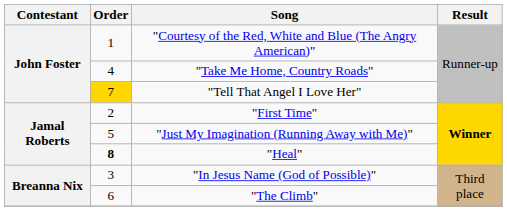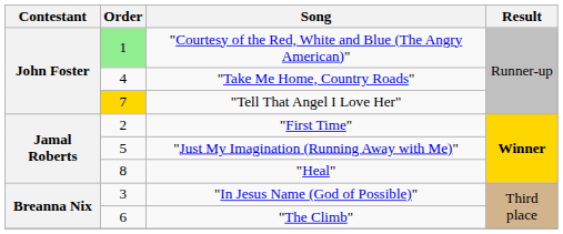 <table class="wikitable unsortable" style="text-align:center;">
 <tr>
 <th scope="col">Contestant</th>
 <th scope="col">Order</th>
 <th scope="col">Song</th>
 <th scope="col">Result</th>
 </tr>
 <tr>
 <th scope="row" rowspan="3">John Foster</th>
-<td>1</td>
+<td style="background: lightgreen;">1</td>
 <td>"<a href='#'>Courtesy of the Red, White and Blue (The Angry American)</a>"</td>
 <td rowspan="3" bgcolor="silver">Runner-up</td>
 </tr>
 <tr>
 <td>4</td>
 <td>"<a href='#'>Take Me Home, Country Roads</a>"</td>
 </tr>
 <tr>
 <td style="background: gold;">7</td>
 <td>"Tell That Angel I Love Her"</td>
 </tr>
 <tr>
 <th scope="row" rowspan="3">Jamal Roberts</th>
 <td>2</td>
 <td>"<a href='#'>First Time</a>"</td>
 <td rowspan="3" bgcolor="gold"><strong>Winner</strong></td>
 </tr>
 <tr>
 <td>5</td>
 <td>"<a href='#'>Just My Imagination (Running Away with Me)</a>"</td>
 </tr>
 <tr>
-<td><strong>8</strong></td>
+<td>8</td>
 <td>"<a href='#'>Heal</a>"</td>
 </tr>
 <tr>
 <th scope="row" rowspan="2">Breanna Nix</th>
 <td>3</td>
 <td>"<a href='#'>In Jesus Name (God of Possible)</a>"</td>
 <td rowspan="2" bgcolor="tan">Third place</td>
 </tr>
 <tr>
 <td>6</td>
 <td>"<a href='#'>The Climb</a>"</td>
 </tr>
 <tr>
 </tr>
 </table>
